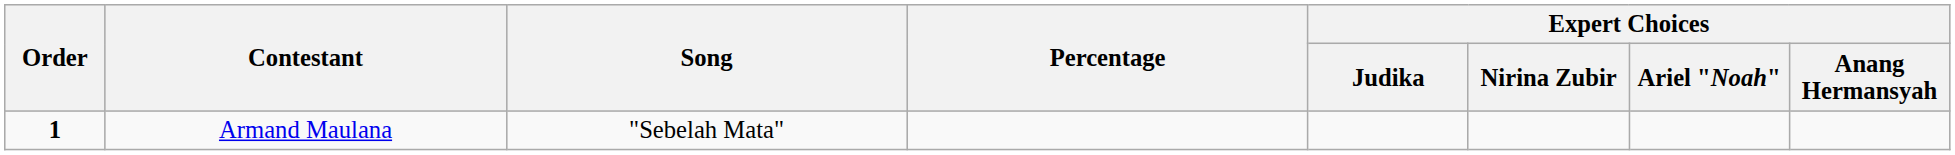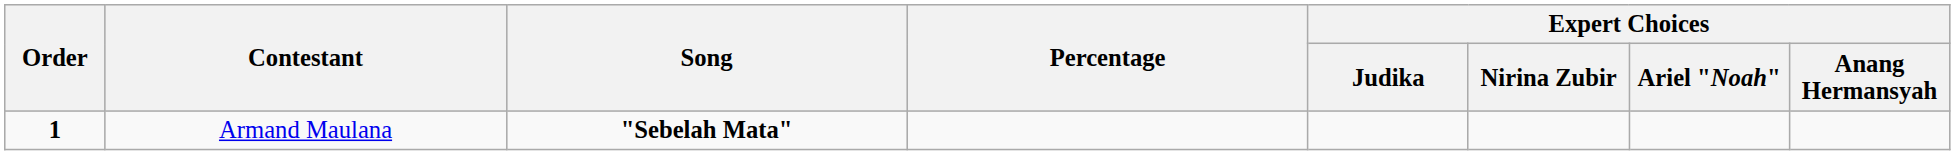 <table class="wikitable" style="text-align:center; width:100%;">
 <tr>
 <th scope="col" rowspan="2" style="width:05%;">Order</th>
 <th scope="col" rowspan="2" style="width:20%;">Contestant</th>
 <th scope="col" rowspan="2" style="width:20%;">Song</th>
 <th scope="col" rowspan="2" style="width:20%;">Percentage</th>
 <th scope="col" colspan="4" style="width:32%;">Expert Choices</th>
 </tr>
 <tr>
 <th style="width:08%;">Judika</th>
 <th style="width:08%;">Nirina Zubir</th>
 <th style="width:08%;">Ariel "<em>Noah</em>"</th>
 <th style="width:08%;">Anang Hermansyah</th>
 </tr>
 <tr>
 <td><strong>1</strong></td>
 <td><a href='#'>Armand Maulana</a></td>
-<td>"Sebelah Mata"</td>
+<td><strong>"Sebelah Mata"</strong></td>
 <td></td>
 <td></td>
 <td></td>
 <td></td>
 <td></td>
 </tr>
 </table>
